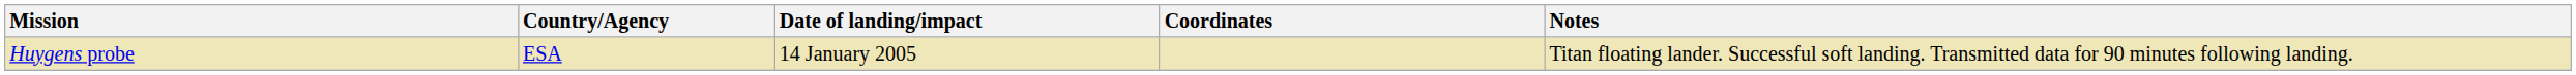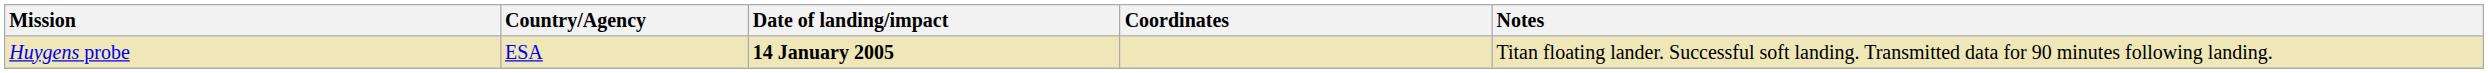 <table class="wikitable sortable" width="100%">
 <tr valign="top">
 <th style="text-align:left" width="20%">Mission</th>
 <th style="text-align:left" width="10%">Country/Agency</th>
 <th style="text-align:left" width="15%">Date of landing/impact</th>
 <th style="text-align:left" width="15%">Coordinates</th>
 <th style="text-align:left" width="40%">Notes</th>
 </tr>
 <tr valign="top" style="background:#EFE7B8">
 <td><a href='#'><em>Huygens</em> probe</a></td>
 <td> <a href='#'>ESA</a></td>
-<td>14 January 2005</td>
+<td><strong>14 January 2005</strong></td>
 <td></td>
 <td>Titan floating lander. Successful soft landing. Transmitted data for 90 minutes following landing.</td>
 </tr>
 <tr>
 </tr>
 </table>
